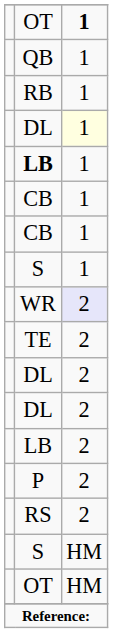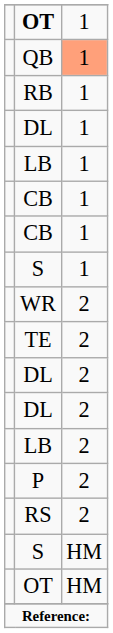 <table class="wikitable sortable sortable" style="text-align: center">
 <tr align=center>
 </tr>
 <tr>
 <td></td>
-<td>OT</td>
-<td><strong>1</strong></td>
+<td><strong>OT</strong></td>
+<td>1</td>
 </tr>
 <tr>
 <td></td>
 <td>QB</td>
-<td>1</td>
+<td style="background: lightsalmon;">1</td>
 </tr>
 <tr>
 <td></td>
 <td>RB</td>
 <td>1</td>
 </tr>
 <tr>
 <td></td>
 <td>DL</td>
-<td style="background: lightyellow;">1</td>
+<td>1</td>
 </tr>
 <tr>
 <td></td>
-<td><strong>LB</strong></td>
+<td>LB</td>
 <td>1</td>
 </tr>
 <tr>
 <td></td>
 <td>CB</td>
 <td>1</td>
 </tr>
 <tr>
 <td></td>
 <td>CB</td>
 <td>1</td>
 </tr>
 <tr>
 <td></td>
 <td>S</td>
 <td>1</td>
 </tr>
 <tr>
 <td></td>
 <td>WR</td>
-<td style="background: lavender;">2</td>
+<td>2</td>
 </tr>
 <tr>
 <td></td>
 <td>TE</td>
 <td>2</td>
 </tr>
 <tr>
 <td></td>
 <td>DL</td>
 <td>2</td>
 </tr>
 <tr>
 <td></td>
 <td>DL</td>
 <td>2</td>
 </tr>
 <tr>
 <td></td>
 <td>LB</td>
 <td>2</td>
 </tr>
 <tr>
 <td></td>
 <td>P</td>
 <td>2</td>
 </tr>
 <tr>
 <td></td>
 <td>RS</td>
 <td>2</td>
 </tr>
 <tr>
 <td></td>
 <td>S</td>
 <td>HM</td>
 </tr>
 <tr>
 <td></td>
 <td>OT</td>
 <td>HM</td>
 </tr>
 <tr>
 </tr>
 <tr class="sortbottom">
 <td colspan="4"  style="font-size:8pt; text-align:center;"><strong>Reference:</strong></td>
 </tr>
 </table>
